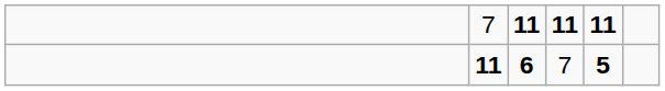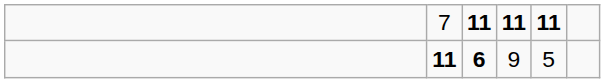 <table class="wikitable">
 <tr>
 <td style="width:18em"><strong></strong></td>
 <td align=center style="width:1em">7</td>
 <td align=center style="width:1em"><strong>11</strong></td>
 <td align=center style="width:1em"><strong>11</strong></td>
 <td align=center style="width:1em"><strong>11</strong></td>
 <td align=center style="width:1em"></td>
 </tr>
 <tr>
 <td style="width:18em"></td>
 <td align=center style="width:1em"><strong>11</strong></td>
 <td align=center style="width:1em"><strong>6</strong></td>
-<td align=center style="width:1em">7</td>
-<td align=center style="width:1em"><strong>5</strong></td>
+<td align=center style="width:1em">9</td>
+<td align=center style="width:1em">5</td>
 <td align=center style="width:1em"></td>
 </tr>
 </table>
